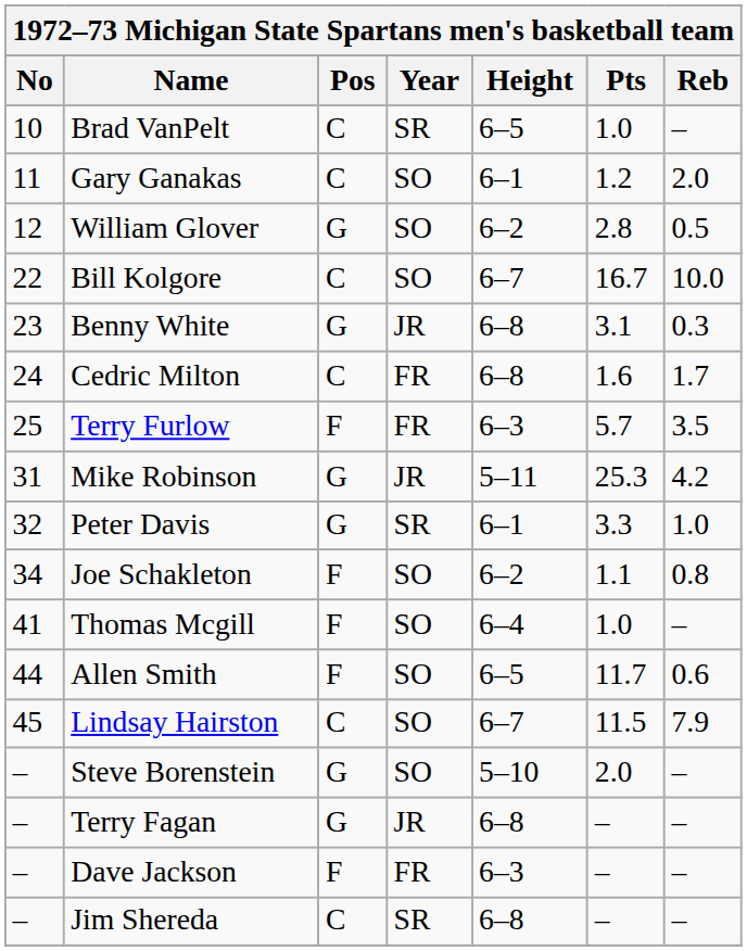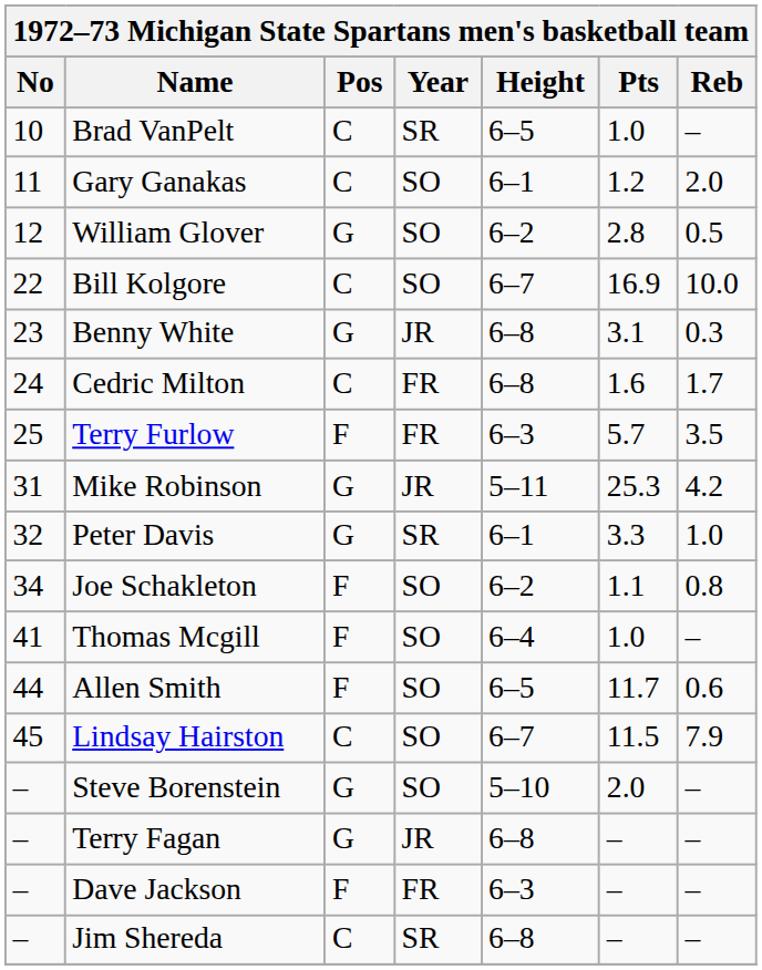 <table class="wikitable sortable" style="font-size: 90%" |->
 <tr>
 <th colspan=9 style=>1972–73 Michigan State Spartans men's basketball team</th>
 </tr>
 <tr>
 <th style="background:#">No</th>
 <th style="background:#">Name</th>
 <th style="background:#">Pos</th>
 <th style="background:#">Year</th>
 <th style="background:#">Height</th>
 <th style="background:#">Pts</th>
 <th style="background:#">Reb</th>
 </tr>
 <tr>
 <td>10</td>
 <td>Brad VanPelt</td>
 <td>C</td>
 <td>SR</td>
 <td>6–5</td>
 <td>1.0</td>
 <td>–</td>
 </tr>
 <tr>
 <td>11</td>
 <td>Gary Ganakas</td>
 <td>C</td>
 <td>SO</td>
 <td>6–1</td>
 <td>1.2</td>
 <td>2.0</td>
 </tr>
 <tr>
 <td>12</td>
 <td>William Glover</td>
 <td>G</td>
 <td>SO</td>
 <td>6–2</td>
 <td>2.8</td>
 <td>0.5</td>
 </tr>
 <tr>
 <td>22</td>
 <td>Bill Kolgore</td>
 <td>C</td>
 <td>SO</td>
 <td>6–7</td>
-<td>16.7</td>
+<td>16.9</td>
 <td>10.0</td>
 </tr>
 <tr>
 <td>23</td>
 <td>Benny White</td>
 <td>G</td>
 <td>JR</td>
 <td>6–8</td>
 <td>3.1</td>
 <td>0.3</td>
 </tr>
 <tr>
 <td>24</td>
 <td>Cedric Milton</td>
 <td>C</td>
 <td>FR</td>
 <td>6–8</td>
 <td>1.6</td>
 <td>1.7</td>
 </tr>
 <tr>
 <td>25</td>
 <td><a href='#'>Terry Furlow</a></td>
 <td>F</td>
 <td>FR</td>
 <td>6–3</td>
 <td>5.7</td>
 <td>3.5</td>
 </tr>
 <tr>
 <td>31</td>
 <td>Mike Robinson</td>
 <td>G</td>
 <td>JR</td>
 <td>5–11</td>
 <td>25.3</td>
 <td>4.2</td>
 </tr>
 <tr>
 <td>32</td>
 <td>Peter Davis</td>
 <td>G</td>
 <td>SR</td>
 <td>6–1</td>
 <td>3.3</td>
 <td>1.0</td>
 </tr>
 <tr>
 <td>34</td>
 <td>Joe Schakleton</td>
 <td>F</td>
 <td>SO</td>
 <td>6–2</td>
 <td>1.1</td>
 <td>0.8</td>
 </tr>
 <tr>
 <td>41</td>
 <td>Thomas Mcgill</td>
 <td>F</td>
 <td>SO</td>
 <td>6–4</td>
 <td>1.0</td>
 <td>–</td>
 </tr>
 <tr>
 <td>44</td>
 <td>Allen Smith</td>
 <td>F</td>
 <td>SO</td>
 <td>6–5</td>
 <td>11.7</td>
 <td>0.6</td>
 </tr>
 <tr>
 <td>45</td>
 <td><a href='#'>Lindsay Hairston</a></td>
 <td>C</td>
 <td>SO</td>
 <td>6–7</td>
 <td>11.5</td>
 <td>7.9</td>
 </tr>
 <tr>
 <td>–</td>
 <td>Steve Borenstein</td>
 <td>G</td>
 <td>SO</td>
 <td>5–10</td>
 <td>2.0</td>
 <td>–</td>
 </tr>
 <tr>
 <td>–</td>
 <td>Terry Fagan</td>
 <td>G</td>
 <td>JR</td>
 <td>6–8</td>
 <td>–</td>
 <td>–</td>
 </tr>
 <tr>
 <td>–</td>
 <td>Dave Jackson</td>
 <td>F</td>
 <td>FR</td>
 <td>6–3</td>
 <td>–</td>
 <td>–</td>
 </tr>
 <tr>
 <td>–</td>
 <td>Jim Shereda</td>
 <td>C</td>
 <td>SR</td>
 <td>6–8</td>
 <td>–</td>
 <td>–</td>
 </tr>
 <tr>
 </tr>
 </table>
